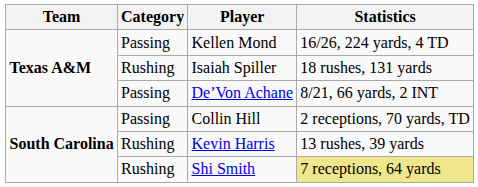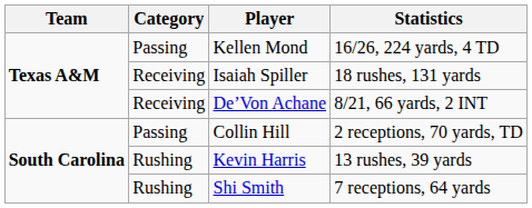 <table class="wikitable" style="float: right;">
 <tr>
 <th>Team</th>
 <th>Category</th>
 <th>Player</th>
 <th>Statistics</th>
 </tr>
 <tr>
 <td rowspan=3><strong>Texas A&M</strong></td>
 <td>Passing</td>
 <td>Kellen Mond</td>
 <td>16/26, 224 yards, 4 TD</td>
 </tr>
 <tr>
-<td>Rushing</td>
+<td>Receiving</td>
 <td>Isaiah Spiller</td>
 <td>18 rushes, 131 yards</td>
 </tr>
 <tr>
-<td>Passing</td>
+<td>Receiving</td>
 <td><a href='#'>De’Von Achane</a></td>
 <td>8/21, 66 yards, 2 INT</td>
 </tr>
 <tr>
 <td rowspan=3><strong>South Carolina</strong></td>
 <td>Passing</td>
 <td>Collin Hill</td>
 <td>2 receptions, 70 yards, TD</td>
 </tr>
 <tr>
 <td>Rushing</td>
 <td><a href='#'>Kevin Harris</a></td>
 <td>13 rushes, 39 yards</td>
 </tr>
 <tr>
 <td>Rushing</td>
 <td><a href='#'>Shi Smith</a></td>
-<td style="background: khaki;">7 receptions, 64 yards</td>
+<td>7 receptions, 64 yards</td>
 </tr>
 </table>
